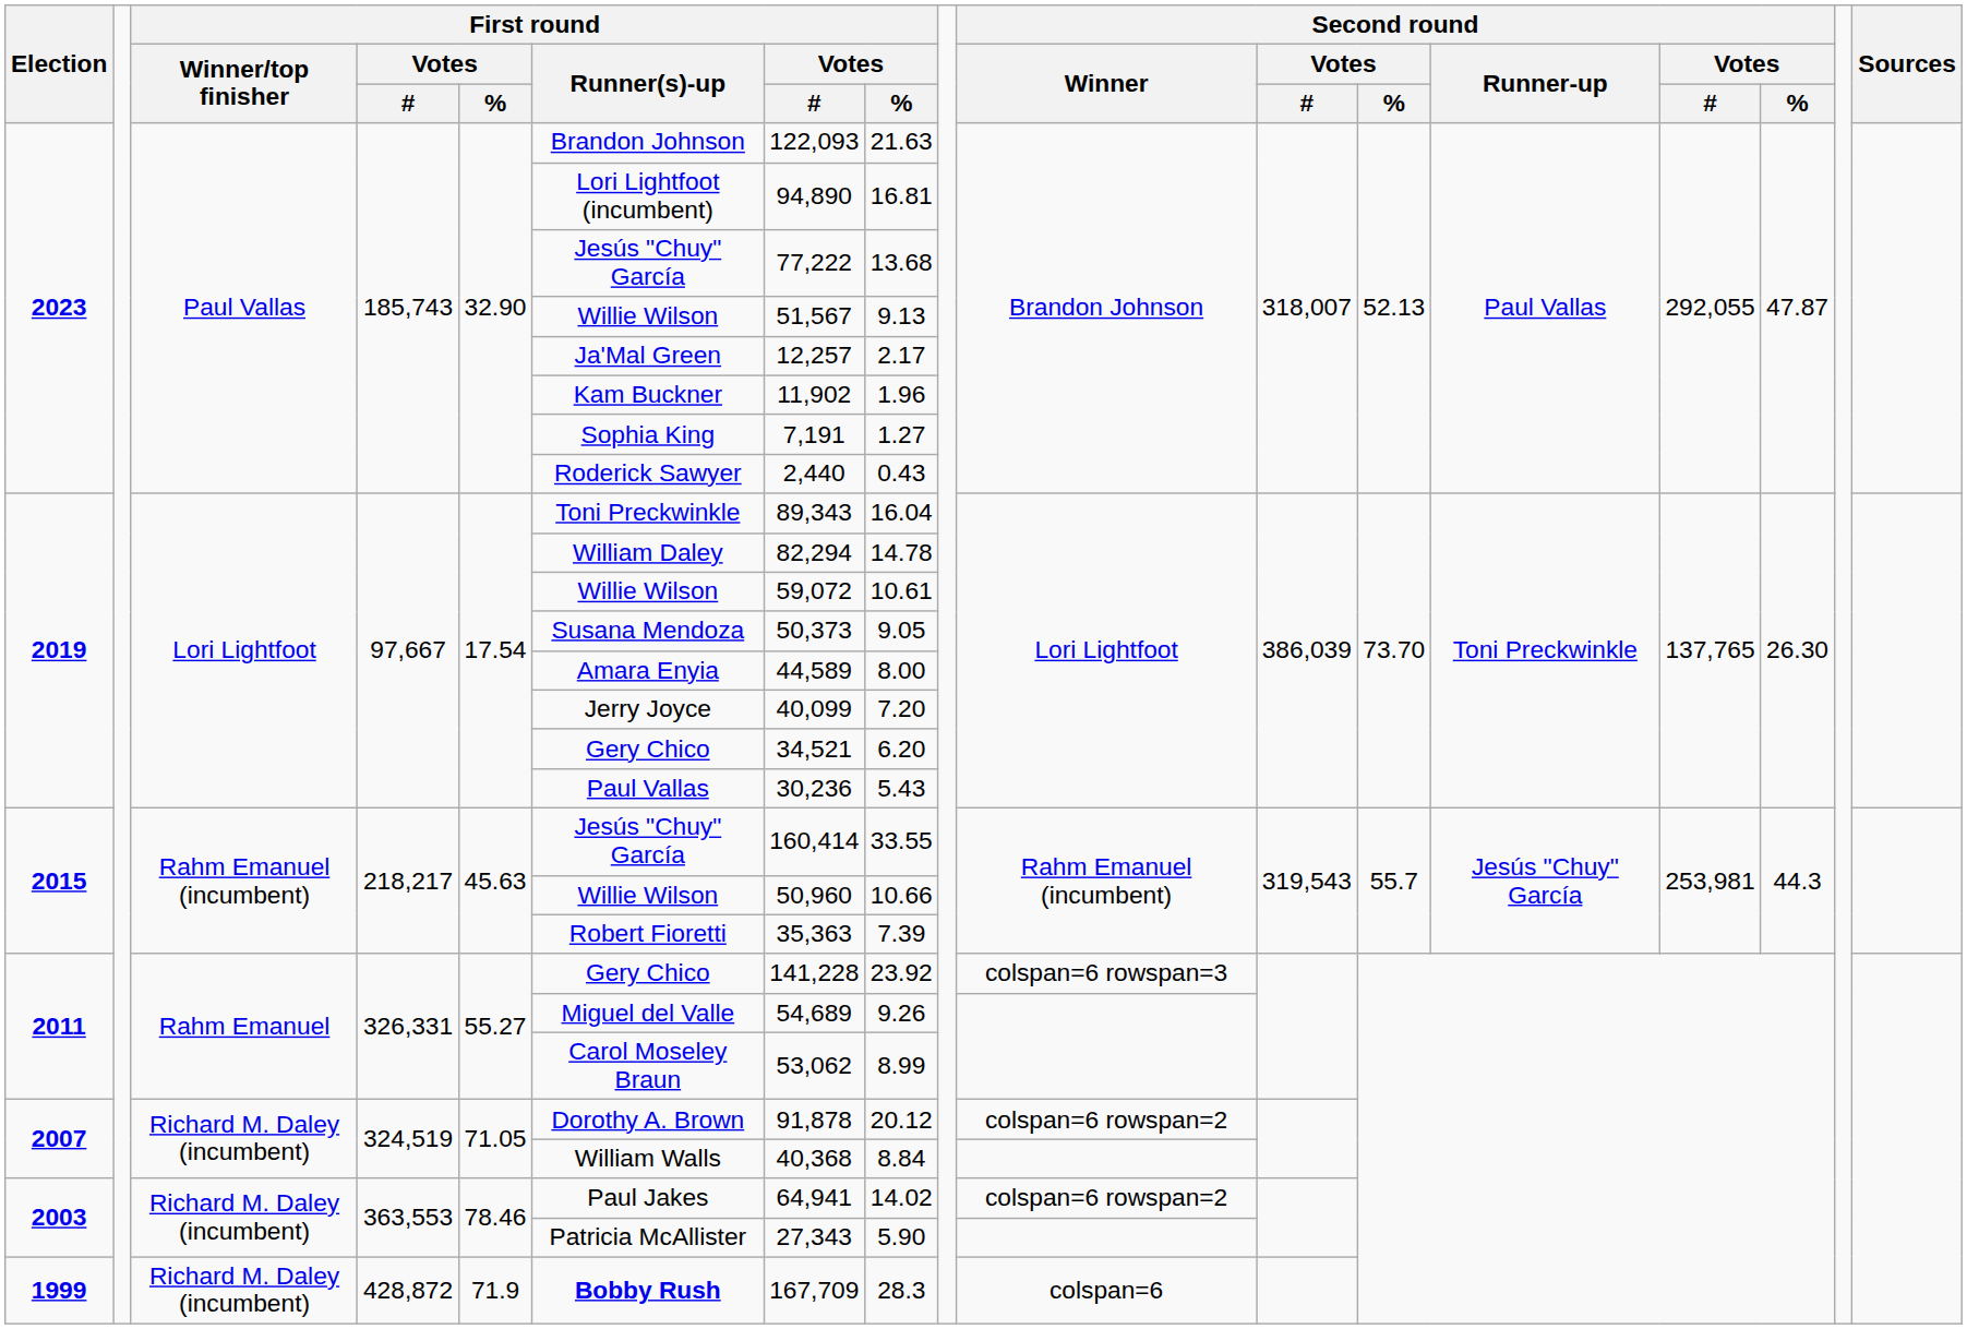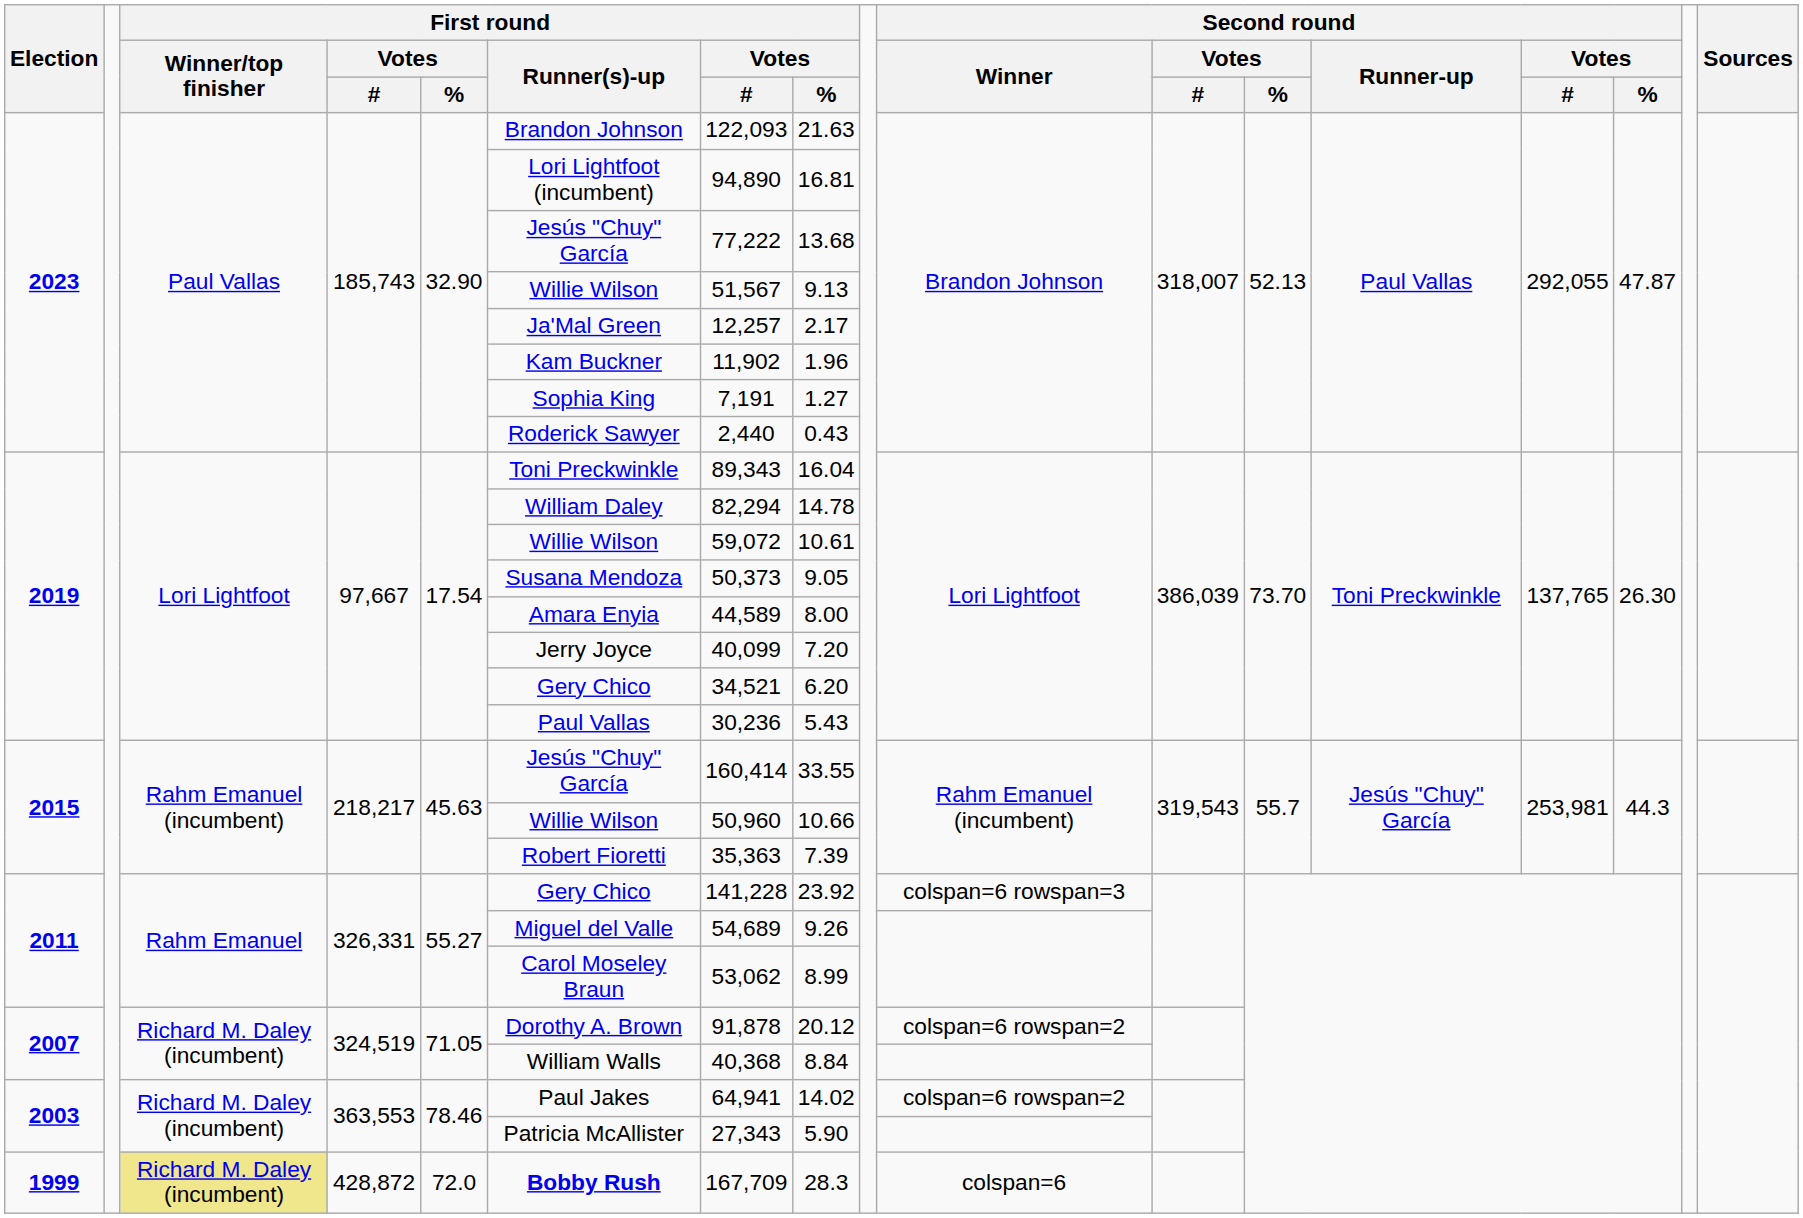 <table class="wikitable sortable" style="text-align: center;" width="100%">
 <tr>
 <th rowspan=3>Election</th>
 <td rowspan="30"> </td>
 <th colspan=6>First round</th>
 <td rowspan="30"> </td>
 <th colspan=6>Second round</th>
 <td rowspan="30"> </td>
 <th rowspan=3>Sources</th>
 </tr>
 <tr>
 <th rowspan=2>Winner/top finisher</th>
 <th colspan="2">Votes</th>
 <th rowspan=2>Runner(s)-up</th>
 <th colspan="2">Votes</th>
 <th rowspan=2>Winner</th>
 <th colspan="2">Votes</th>
 <th rowspan=2>Runner-up</th>
 <th colspan="2">Votes</th>
 </tr>
 <tr>
 <th>#</th>
 <th>%</th>
 <th>#</th>
 <th>%</th>
 <th>#</th>
 <th>%</th>
 <th>#</th>
 <th>%</th>
 </tr>
 <tr>
 <td rowspan="8"><strong><a href='#'>2023</a></strong></td>
 <td rowspan="8"><a href='#'>Paul Vallas</a></td>
 <td rowspan="8">185,743</td>
 <td rowspan="8">32.90</td>
 <td><a href='#'>Brandon Johnson</a></td>
 <td>122,093</td>
 <td>21.63</td>
 <td rowspan="8"><a href='#'>Brandon Johnson</a></td>
 <td rowspan="8">318,007</td>
 <td rowspan="8">52.13</td>
 <td rowspan="8"><a href='#'>Paul Vallas</a></td>
 <td rowspan="8">292,055</td>
 <td rowspan="8">47.87</td>
 <td rowspan="8"></td>
 </tr>
 <tr>
 <td><a href='#'>Lori Lightfoot</a><br>(incumbent)</td>
 <td>94,890</td>
 <td>16.81</td>
 </tr>
 <tr>
 <td><a href='#'>Jesús "Chuy" García</a></td>
 <td>77,222</td>
 <td>13.68</td>
 </tr>
 <tr>
 <td><a href='#'>Willie Wilson</a></td>
 <td>51,567</td>
 <td>9.13</td>
 </tr>
 <tr>
 <td><a href='#'>Ja'Mal Green</a></td>
 <td>12,257</td>
 <td>2.17</td>
 </tr>
 <tr>
 <td><a href='#'>Kam Buckner</a></td>
 <td>11,902</td>
 <td>1.96</td>
 </tr>
 <tr>
 <td><a href='#'>Sophia King</a></td>
 <td>7,191</td>
 <td>1.27</td>
 </tr>
 <tr>
 <td><a href='#'>Roderick Sawyer</a></td>
 <td>2,440</td>
 <td>0.43</td>
 </tr>
 <tr>
 <td rowspan=8><strong><a href='#'>2019</a></strong></td>
 <td rowspan=8><a href='#'>Lori Lightfoot</a></td>
 <td rowspan=8>97,667</td>
 <td rowspan=8>17.54</td>
 <td><a href='#'>Toni Preckwinkle</a></td>
 <td>89,343</td>
 <td>16.04</td>
 <td rowspan=8><a href='#'>Lori Lightfoot</a></td>
 <td rowspan=8>386,039</td>
 <td rowspan=8>73.70</td>
 <td rowspan=8><a href='#'>Toni Preckwinkle</a></td>
 <td rowspan=8>137,765</td>
 <td rowspan=8>26.30</td>
 <td rowspan=8></td>
 </tr>
 <tr>
 <td><a href='#'>William Daley</a></td>
 <td>82,294</td>
 <td>14.78</td>
 </tr>
 <tr>
 <td><a href='#'>Willie Wilson</a></td>
 <td>59,072</td>
 <td>10.61</td>
 </tr>
 <tr>
 <td><a href='#'>Susana Mendoza</a></td>
 <td>50,373</td>
 <td>9.05</td>
 </tr>
 <tr>
 <td><a href='#'>Amara Enyia</a></td>
 <td>44,589</td>
 <td>8.00</td>
 </tr>
 <tr>
 <td>Jerry Joyce</td>
 <td>40,099</td>
 <td>7.20</td>
 </tr>
 <tr>
 <td><a href='#'>Gery Chico</a></td>
 <td>34,521</td>
 <td>6.20</td>
 </tr>
 <tr>
 <td><a href='#'>Paul Vallas</a></td>
 <td>30,236</td>
 <td>5.43</td>
 </tr>
 <tr>
 <td rowspan=3><strong><a href='#'>2015</a></strong></td>
 <td rowspan=3><a href='#'>Rahm Emanuel</a><br>(incumbent)</td>
 <td rowspan=3>218,217</td>
 <td rowspan=3>45.63</td>
 <td><a href='#'>Jesús "Chuy" García</a></td>
 <td>160,414</td>
 <td>33.55</td>
 <td rowspan=3><a href='#'>Rahm Emanuel</a> (incumbent)</td>
 <td rowspan=3>319,543</td>
 <td rowspan=3>55.7</td>
 <td rowspan=3><a href='#'>Jesús "Chuy" García</a></td>
 <td rowspan=3>253,981</td>
 <td rowspan=3>44.3</td>
 <td rowspan=3></td>
 </tr>
 <tr>
 <td><a href='#'>Willie Wilson</a></td>
 <td>50,960</td>
 <td>10.66</td>
 </tr>
 <tr>
 <td><a href='#'>Robert Fioretti</a></td>
 <td>35,363</td>
 <td>7.39</td>
 </tr>
 <tr>
 <td rowspan=3><strong><a href='#'>2011</a></strong></td>
 <td rowspan=3><a href='#'>Rahm Emanuel</a></td>
 <td rowspan=3>326,331</td>
 <td rowspan=3>55.27</td>
 <td><a href='#'>Gery Chico</a></td>
 <td>141,228</td>
 <td>23.92</td>
 <td>colspan=6 rowspan=3 </td>
 <td rowspan=3></td>
 </tr>
 <tr>
 <td><a href='#'>Miguel del Valle</a></td>
 <td>54,689</td>
 <td>9.26</td>
 </tr>
 <tr>
 <td><a href='#'>Carol Moseley Braun</a></td>
 <td>53,062</td>
 <td>8.99</td>
 </tr>
 <tr>
 <td rowspan=2><strong><a href='#'>2007</a></strong></td>
 <td rowspan=2><a href='#'>Richard M. Daley</a><br> (incumbent)</td>
 <td rowspan=2>324,519</td>
 <td rowspan=2>71.05</td>
 <td><a href='#'>Dorothy A. Brown</a></td>
 <td>91,878</td>
 <td>20.12</td>
 <td>colspan=6 rowspan=2 </td>
 <td rowspan=2></td>
 </tr>
 <tr>
 <td>William Walls</td>
 <td>40,368</td>
 <td>8.84</td>
 </tr>
 <tr>
 <td rowspan=2><strong><a href='#'>2003</a></strong></td>
 <td rowspan=2><a href='#'>Richard M. Daley</a><br> (incumbent)</td>
 <td rowspan=2>363,553</td>
 <td rowspan=2>78.46</td>
 <td>Paul Jakes</td>
 <td>64,941</td>
 <td>14.02</td>
 <td>colspan=6 rowspan=2 </td>
 <td rowspan=2></td>
 </tr>
 <tr>
 <td>Patricia McAllister</td>
 <td>27,343</td>
 <td>5.90</td>
 </tr>
 <tr>
 <td><strong><a href='#'>1999</a></strong></td>
-<td><a href='#'>Richard M. Daley</a><br> (incumbent)</td>
+<td style="background: khaki;"><a href='#'>Richard M. Daley</a><br> (incumbent)</td>
 <td>428,872</td>
-<td>71.9</td>
+<td>72.0</td>
 <td><strong><a href='#'>Bobby Rush</a></strong></td>
 <td>167,709</td>
 <td>28.3</td>
 <td>colspan=6 </td>
 <td></td>
 </tr>
 </table>
